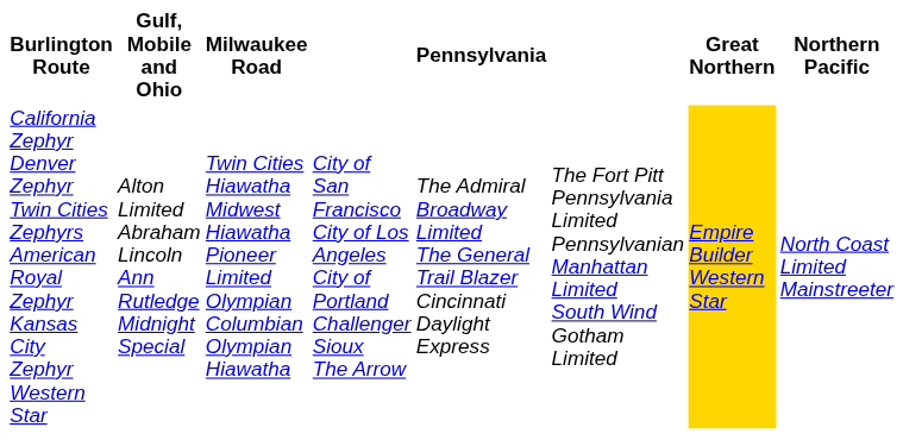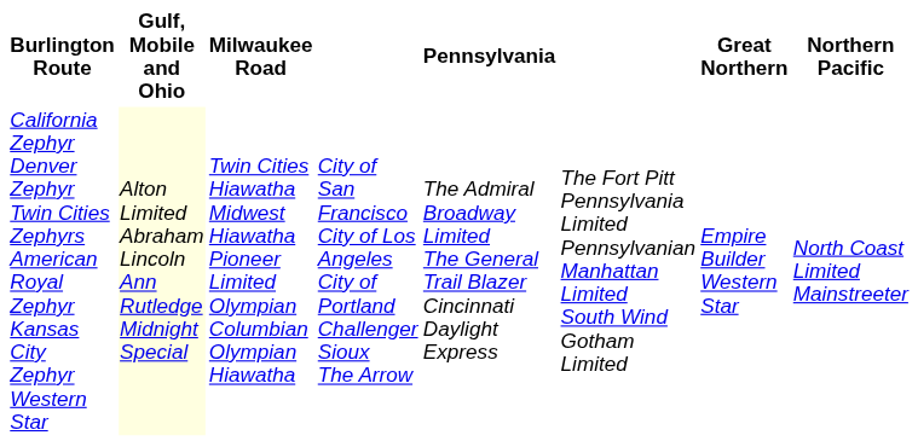 <table style="border-spacing: 2px; border: 1px solid white;">
 <tr>
 <th style="width: 150px;">Burlington Route</th>
 <th style="width: 150px;">Gulf, Mobile and Ohio</th>
 <th style="width: 150px;">Milwaukee Road</th>
 <th style="width: 150px;"></th>
 <th style="width: 150px;">Pennsylvania</th>
 <th style="width: 150px;"></th>
 <th style="width: 150px;">Great Northern</th>
 <th style="width: 150px;">Northern Pacific</th>
 </tr>
 <tr>
 <td><em><a href='#'>California Zephyr</a><br><a href='#'>Denver Zephyr</a><br><a href='#'>Twin Cities Zephyrs</a><br><a href='#'>American Royal Zephyr</a><br><a href='#'>Kansas City Zephyr</a><br><a href='#'>Western Star</a></em></td>
-<td><em>Alton Limited<br>Abraham Lincoln<br><a href='#'>Ann Rutledge</a><br><a href='#'>Midnight Special</a></em></td>
+<td style="background: lightyellow;"><em>Alton Limited<br>Abraham Lincoln<br><a href='#'>Ann Rutledge</a><br><a href='#'>Midnight Special</a></em></td>
 <td><em><a href='#'>Twin Cities Hiawatha</a><br><a href='#'>Midwest Hiawatha</a><br><a href='#'>Pioneer Limited</a><br><a href='#'>Olympian</a><br><a href='#'>Columbian</a><br><a href='#'>Olympian Hiawatha</a></em></td>
 <td><em><a href='#'>City of San Francisco</a><br><a href='#'>City of Los Angeles</a><br><a href='#'>City of Portland</a><br><a href='#'>Challenger</a><br><a href='#'>Sioux</a><br><a href='#'>The Arrow</a></em></td>
 <td><em>The Admiral<br><a href='#'>Broadway Limited</a><br><a href='#'>The General</a><br><a href='#'>Trail Blazer</a><br>Cincinnati Daylight Express</em></td>
 <td><em>The Fort Pitt<br>Pennsylvania Limited<br>Pennsylvanian<br><a href='#'>Manhattan Limited</a><br><a href='#'>South Wind</a><br>Gotham Limited</em></td>
-<td style="background: gold;"><em><a href='#'>Empire Builder</a><br><a href='#'>Western Star</a></em></td>
+<td><em><a href='#'>Empire Builder</a><br><a href='#'>Western Star</a></em></td>
 <td><em><a href='#'>North Coast Limited</a><br><a href='#'>Mainstreeter</a></em></td>
 </tr>
 <tr style="text-align: center;">
 </tr>
 </table>
